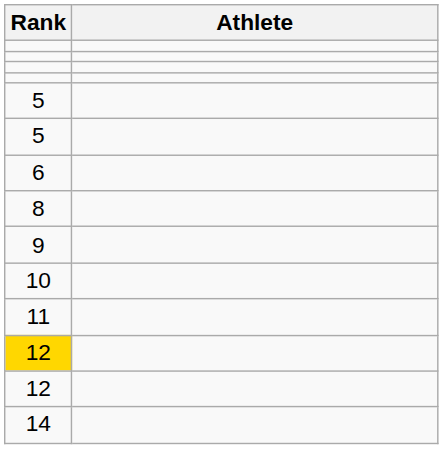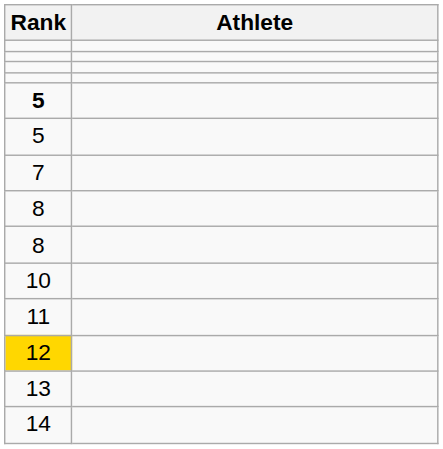 <table class="wikitable" style="text-align: center;">
 <tr>
 <th width=40>Rank</th>
 <th width=250>Athlete</th>
 </tr>
 <tr>
 <td></td>
 <td align=left></td>
 </tr>
 <tr>
 <td></td>
 <td align=left></td>
 </tr>
 <tr>
 <td></td>
 <td align=left></td>
 </tr>
 <tr>
 <td></td>
 <td align=left></td>
 </tr>
 <tr>
-<td>5</td>
+<td><strong>5</strong></td>
 <td align=left></td>
 </tr>
 <tr>
 <td>5</td>
 <td align=left></td>
 </tr>
 <tr>
-<td>6</td>
+<td>7</td>
 <td align=left></td>
 </tr>
 <tr>
 <td>8</td>
 <td align=left></td>
 </tr>
 <tr>
-<td>9</td>
+<td>8</td>
 <td align=left></td>
 </tr>
 <tr>
 <td>10</td>
 <td align=left></td>
 </tr>
 <tr>
 <td>11</td>
 <td align=left></td>
 </tr>
 <tr>
 <td style="background: gold;">12</td>
 <td align=left></td>
 </tr>
 <tr>
-<td>12</td>
+<td>13</td>
 <td align=left></td>
 </tr>
 <tr>
 <td>14</td>
 <td align=left></td>
 </tr>
 </table>
